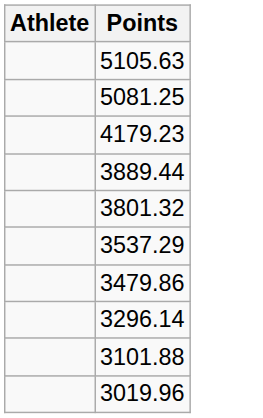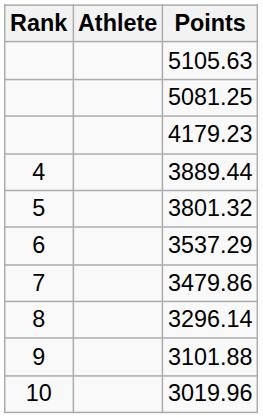 <table class="wikitable" style="display:inline-table; text-align:center;">
 <tr>
+<th>Rank</th>
 <th>Athlete</th>
 <th>Points</th>
 </tr>
 <tr>
+<td></td>
 <td align="left"></td>
 <td>5105.63</td>
 </tr>
 <tr>
+<td></td>
 <td align="left"></td>
 <td>5081.25</td>
 </tr>
 <tr>
+<td></td>
 <td align="left"></td>
 <td>4179.23</td>
 </tr>
 <tr>
+<td>4</td>
 <td align="left"></td>
 <td>3889.44</td>
 </tr>
 <tr>
+<td>5</td>
 <td align="left"></td>
 <td>3801.32</td>
 </tr>
 <tr>
+<td>6</td>
 <td align="left"></td>
 <td>3537.29</td>
 </tr>
 <tr>
+<td>7</td>
 <td align="left"></td>
 <td>3479.86</td>
 </tr>
 <tr>
+<td>8</td>
 <td align="left"></td>
 <td>3296.14</td>
 </tr>
 <tr>
+<td>9</td>
 <td align="left"></td>
 <td>3101.88</td>
 </tr>
 <tr>
+<td>10</td>
 <td align="left"></td>
 <td>3019.96</td>
 </tr>
 </table>
